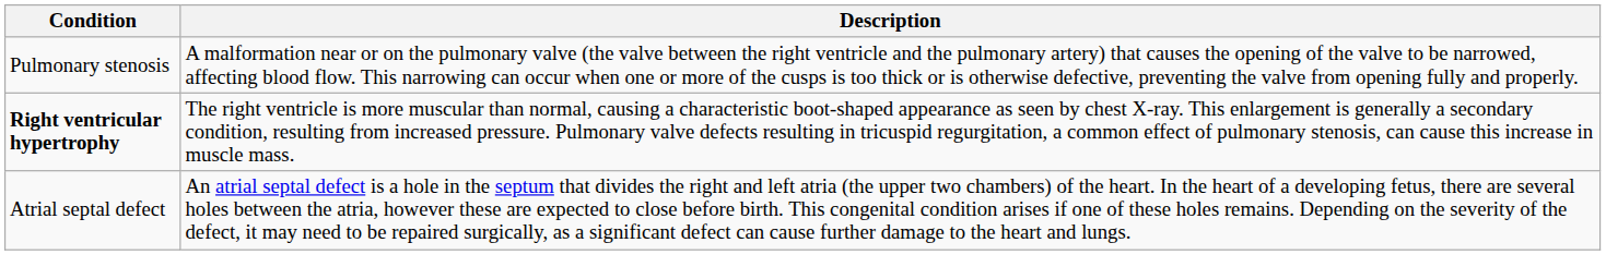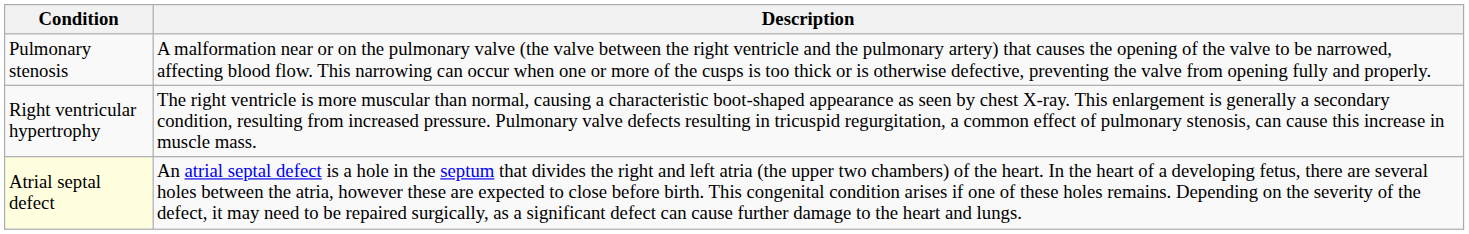 <table class="wikitable">
 <tr>
 <th>Condition</th>
 <th>Description</th>
 </tr>
 <tr>
 <td>Pulmonary stenosis</td>
 <td>A malformation near or on the pulmonary valve (the valve between the right ventricle and the pulmonary artery) that causes the opening of the valve to be narrowed, affecting blood flow. This narrowing can occur when one or more of the cusps is too thick or is otherwise defective, preventing the valve from opening fully and properly.</td>
 </tr>
 <tr>
-<td><strong>Right ventricular hypertrophy</strong></td>
+<td>Right ventricular hypertrophy</td>
 <td>The right ventricle is more muscular than normal, causing a characteristic boot-shaped appearance as seen by chest X-ray. This enlargement is generally a secondary condition, resulting from increased pressure. Pulmonary valve defects resulting in tricuspid regurgitation, a common effect of pulmonary stenosis, can cause this increase in muscle mass.</td>
 </tr>
 <tr>
-<td>Atrial septal defect</td>
+<td style="background: lightyellow;">Atrial septal defect</td>
 <td>An <a href='#'>atrial septal defect</a> is a hole in the <a href='#'>septum</a> that divides the right and left atria (the upper two chambers) of the heart. In the heart of a developing fetus, there are several holes between the atria, however these are expected to close before birth. This congenital condition arises if one of these holes remains. Depending on the severity of the defect, it may need to be repaired surgically, as a significant defect can cause further damage to the heart and lungs.</td>
 </tr>
 </table>
